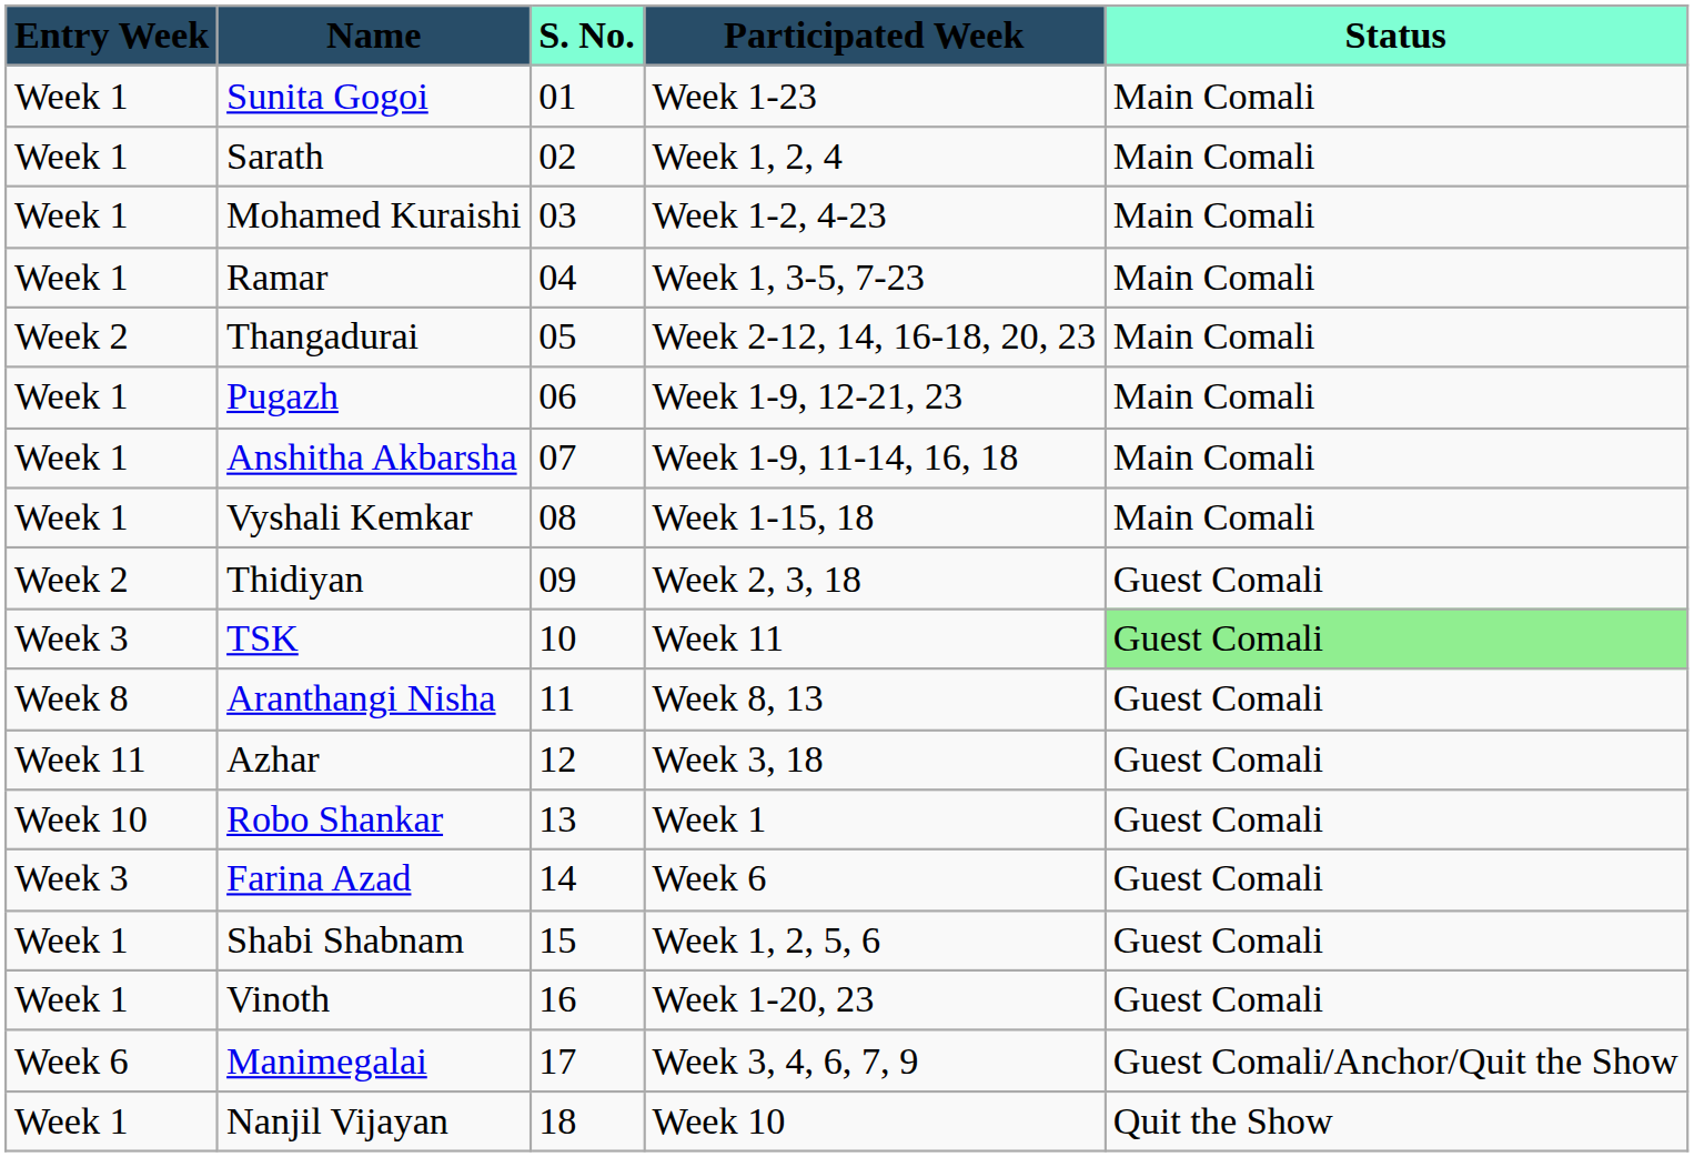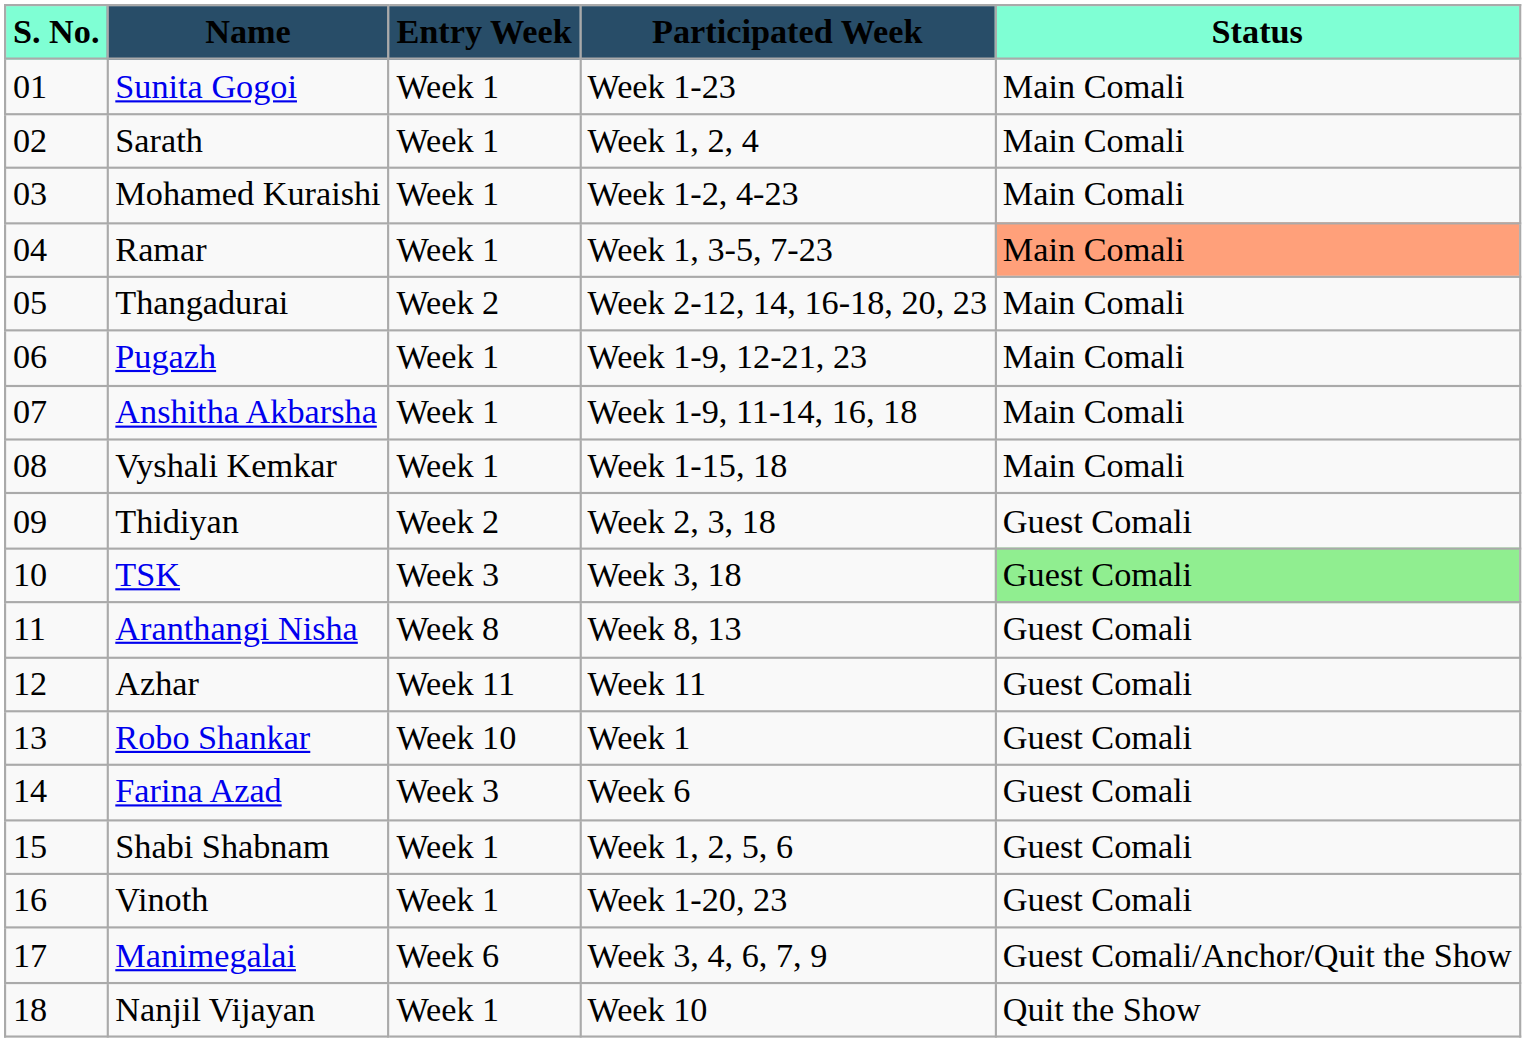 <table class="wikitable" style="align:center;">
 <tr>
+<th scope="col" style="background:#7FFFD4;"style="background:#7FFFD4;color:black">S. No.</th>
+<th scope="col" style="background:#284D68;"style="background:#7FFFD4;color:black">Name</th>
 <th scope="col" style="background:#284D68;"style="background:#7FFFD4;color:black">Entry Week</th>
-<th scope="col" style="background:#284D68;"style="background:#7FFFD4;color:black">Name</th>
-<th scope="col" style="background:#7FFFD4;"style="background:#7FFFD4;color:black">S. No.</th>
 <th scope="col" style="background:#284D68;"style="background:#7FFFD4;color:black">Participated Week</th>
 <th scope="col" style="background:#7FFFD4;color:black">Status</th>
 </tr>
 <tr>
+<td>01</td>
+<td><a href='#'>Sunita Gogoi</a></td>
 <td>Week 1</td>
-<td><a href='#'>Sunita Gogoi</a></td>
-<td>01</td>
 <td>Week 1-23</td>
 <td>Main Comali</td>
 </tr>
 <tr>
+<td>02</td>
+<td>Sarath</td>
 <td>Week 1</td>
-<td>Sarath</td>
-<td>02</td>
 <td>Week 1, 2, 4</td>
 <td>Main Comali</td>
 </tr>
 <tr>
+<td>03</td>
+<td>Mohamed Kuraishi</td>
 <td>Week 1</td>
-<td>Mohamed Kuraishi</td>
-<td>03</td>
 <td>Week 1-2, 4-23</td>
 <td>Main Comali</td>
 </tr>
 <tr>
+<td>04</td>
+<td>Ramar</td>
 <td>Week 1</td>
-<td>Ramar</td>
-<td>04</td>
 <td>Week 1, 3-5, 7-23</td>
-<td>Main Comali</td>
+<td style="background: lightsalmon;">Main Comali</td>
 </tr>
 <tr>
+<td>05</td>
+<td>Thangadurai</td>
 <td>Week 2</td>
-<td>Thangadurai</td>
-<td>05</td>
 <td>Week 2-12, 14, 16-18, 20, 23</td>
 <td>Main Comali</td>
 </tr>
 <tr>
+<td>06</td>
+<td><a href='#'>Pugazh</a></td>
 <td>Week 1</td>
-<td><a href='#'>Pugazh</a></td>
-<td>06</td>
 <td>Week 1-9, 12-21, 23</td>
 <td>Main Comali</td>
 </tr>
 <tr>
+<td>07</td>
+<td><a href='#'>Anshitha Akbarsha</a></td>
 <td>Week 1</td>
-<td><a href='#'>Anshitha Akbarsha</a></td>
-<td>07</td>
 <td>Week 1-9, 11-14, 16, 18</td>
 <td>Main Comali</td>
 </tr>
 <tr>
+<td>08</td>
+<td>Vyshali Kemkar</td>
 <td>Week 1</td>
-<td>Vyshali Kemkar</td>
-<td>08</td>
 <td>Week 1-15, 18</td>
 <td>Main Comali</td>
 </tr>
 <tr>
+<td>09</td>
+<td>Thidiyan</td>
 <td>Week 2</td>
-<td>Thidiyan</td>
-<td>09</td>
 <td>Week 2, 3, 18</td>
 <td>Guest Comali</td>
 </tr>
 <tr>
+<td>10</td>
+<td><a href='#'>TSK</a></td>
 <td>Week 3</td>
-<td><a href='#'>TSK</a></td>
-<td>10</td>
-<td>Week 11</td>
+<td>Week 3, 18</td>
 <td style="background: lightgreen;">Guest Comali</td>
 </tr>
 <tr>
+<td>11</td>
+<td><a href='#'>Aranthangi Nisha</a></td>
 <td>Week 8</td>
-<td><a href='#'>Aranthangi Nisha</a></td>
-<td>11</td>
 <td>Week 8, 13</td>
 <td>Guest Comali</td>
 </tr>
 <tr>
+<td>12</td>
+<td>Azhar</td>
 <td>Week 11</td>
-<td>Azhar</td>
-<td>12</td>
-<td>Week 3, 18</td>
+<td>Week 11</td>
 <td>Guest Comali</td>
 </tr>
 <tr>
+<td>13</td>
+<td><a href='#'>Robo Shankar</a></td>
 <td>Week 10</td>
-<td><a href='#'>Robo Shankar</a></td>
-<td>13</td>
 <td>Week 1</td>
 <td>Guest Comali</td>
 </tr>
 <tr>
+<td>14</td>
+<td><a href='#'>Farina Azad</a></td>
 <td>Week 3</td>
-<td><a href='#'>Farina Azad</a></td>
-<td>14</td>
 <td>Week 6</td>
 <td>Guest Comali</td>
 </tr>
 <tr>
+<td>15</td>
+<td>Shabi Shabnam</td>
 <td>Week 1</td>
-<td>Shabi Shabnam</td>
-<td>15</td>
 <td>Week 1, 2, 5, 6</td>
 <td>Guest Comali</td>
 </tr>
 <tr>
+<td>16</td>
+<td>Vinoth</td>
 <td>Week 1</td>
-<td>Vinoth</td>
-<td>16</td>
 <td>Week 1-20, 23</td>
 <td>Guest Comali</td>
 </tr>
 <tr>
+<td>17</td>
+<td><a href='#'>Manimegalai</a></td>
 <td>Week 6</td>
-<td><a href='#'>Manimegalai</a></td>
-<td>17</td>
 <td>Week 3, 4, 6, 7, 9</td>
 <td>Guest Comali/Anchor/Quit the Show</td>
 </tr>
 <tr>
+<td>18</td>
+<td>Nanjil Vijayan</td>
 <td>Week 1</td>
-<td>Nanjil Vijayan</td>
-<td>18</td>
 <td>Week 10</td>
 <td>Quit the Show</td>
 </tr>
 </table>
